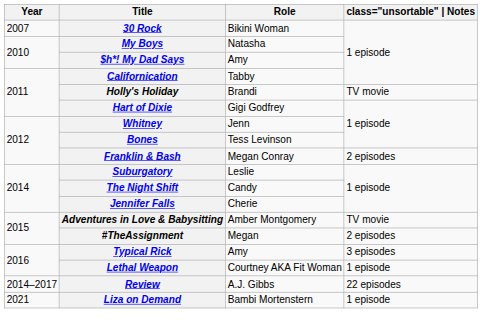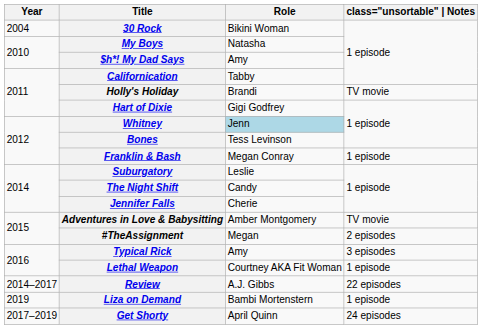 <table class="wikitable sortable plainrowheaders">
 <tr>
 <th scope="col">Year</th>
 <th scope="col">Title</th>
 <th scope="col">Role</th>
 <th scope="col">class="unsortable" | Notes</th>
 </tr>
 <tr>
-<td>2007</td>
+<td>2004</td>
 <th scope="row"><em><a href='#'>30 Rock</a></em></th>
 <td>Bikini Woman</td>
 <td rowspan="4">1 episode</td>
 </tr>
 <tr>
 <td rowspan="2">2010</td>
 <th scope="row"><em><a href='#'>My Boys</a></em></th>
 <td>Natasha</td>
 </tr>
 <tr>
 <th scope="row"><em><a href='#'>$h*! My Dad Says</a></em></th>
 <td>Amy</td>
 </tr>
 <tr>
 <td rowspan="3">2011</td>
 <th scope="row"><em><a href='#'>Californication</a></em></th>
 <td>Tabby</td>
 </tr>
 <tr>
 <th scope="row"><em>Holly's Holiday</em></th>
 <td>Brandi</td>
 <td>TV movie</td>
 </tr>
 <tr>
 <th scope="row"><em><a href='#'>Hart of Dixie</a></em></th>
 <td>Gigi Godfrey</td>
 <td rowspan="3">1 episode</td>
 </tr>
 <tr>
 <td rowspan="3">2012</td>
 <th scope="row"><em><a href='#'>Whitney</a></em></th>
-<td>Jenn</td>
+<td style="background: lightblue;">Jenn</td>
 </tr>
 <tr>
 <th scope="row"><em><a href='#'>Bones</a></em></th>
 <td>Tess Levinson</td>
 </tr>
 <tr>
 <th scope="row"><em><a href='#'>Franklin & Bash</a></em></th>
 <td>Megan Conray</td>
-<td>2 episodes</td>
+<td>1 episode</td>
 </tr>
 <tr>
 <td rowspan="3">2014</td>
 <th scope="row"><em><a href='#'>Suburgatory</a></em></th>
 <td>Leslie</td>
 <td rowspan="3">1 episode</td>
 </tr>
 <tr>
 <th scope="row"><em><a href='#'>The Night Shift</a></em></th>
 <td>Candy</td>
 </tr>
 <tr>
 <th scope="row"><em><a href='#'>Jennifer Falls</a></em></th>
 <td>Cherie</td>
 </tr>
 <tr>
 <td rowspan="2">2015</td>
 <th scope="row"><em>Adventures in Love & Babysitting</em></th>
 <td>Amber Montgomery</td>
 <td>TV movie</td>
 </tr>
 <tr>
 <th scope="row"><em>#TheAssignment</em></th>
 <td>Megan</td>
 <td>2 episodes</td>
 </tr>
 <tr>
 <td rowspan="2">2016</td>
 <th scope="row"><em><a href='#'>Typical Rick</a></em></th>
 <td>Amy</td>
 <td>3 episodes</td>
 </tr>
 <tr>
 <th scope="row"><em><a href='#'>Lethal Weapon</a></em></th>
 <td>Courtney AKA Fit Woman</td>
 <td>1 episode</td>
 </tr>
 <tr>
 <td>2014–2017</td>
 <th scope="row"><em><a href='#'>Review</a></em></th>
 <td>A.J. Gibbs</td>
 <td>22 episodes</td>
 </tr>
 <tr>
-<td>2021</td>
+<td>2019</td>
 <th scope="row"><em><a href='#'>Liza on Demand</a></em></th>
 <td>Bambi Mortenstern</td>
 <td>1 episode</td>
 </tr>
+<tr>
+<td>2017–2019</td>
+<th scope="row"><em><a href='#'>Get Shorty</a></em></th>
+<td>April Quinn</td>
+<td>24 episodes</td>
+</tr>
 </table>
